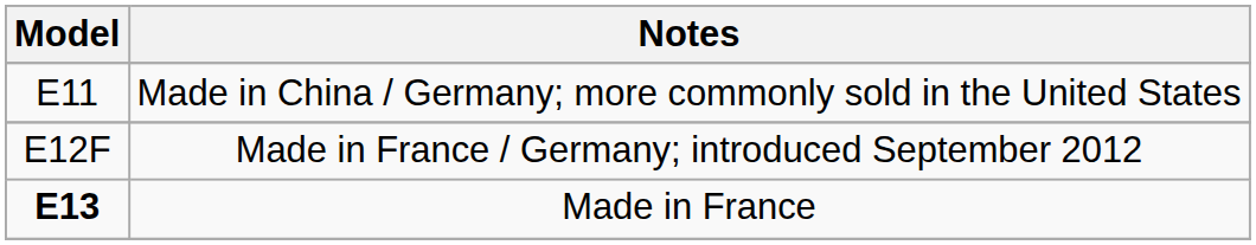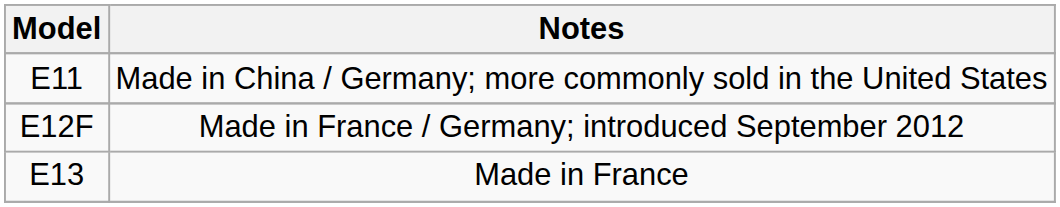 <table class="wikitable" style="text-align:center">
 <tr>
 <th>Model</th>
 <th>Notes</th>
 </tr>
 <tr>
 </tr>
 <tr>
 <td>E11</td>
 <td>Made in China / Germany; more commonly sold in the United States</td>
 </tr>
 <tr>
 </tr>
 <tr>
 </tr>
 <tr>
 <td>E12F</td>
 <td>Made in France / Germany; introduced September 2012</td>
 </tr>
 <tr>
-<td><strong>E13</strong></td>
+<td>E13</td>
 <td>Made in France</td>
 </tr>
 <tr>
 </tr>
 </table>
